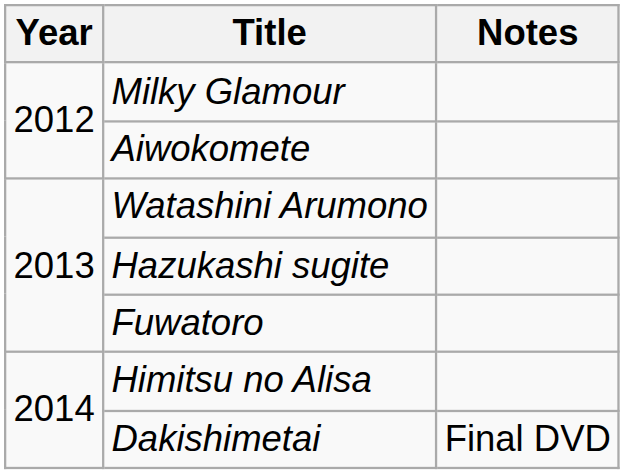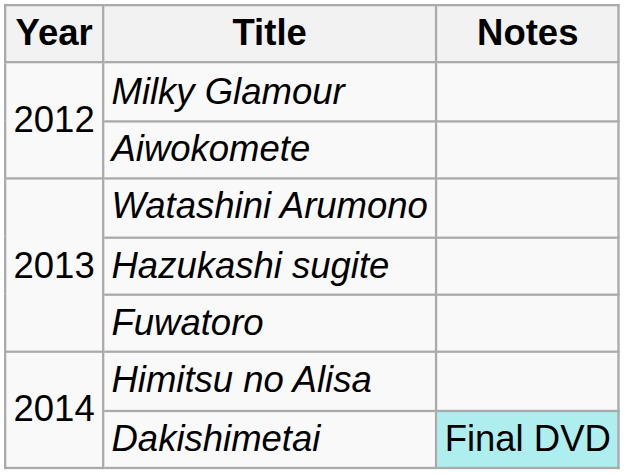 <table class="wikitable">
 <tr>
 <th>Year</th>
 <th>Title</th>
 <th>Notes</th>
 </tr>
 <tr>
 <td rowspan="2">2012</td>
 <td><em>Milky Glamour</em></td>
 <td></td>
 </tr>
 <tr>
 <td><em>Aiwokomete</em></td>
 <td></td>
 </tr>
 <tr>
 <td rowspan="3">2013</td>
 <td><em>Watashini Arumono</em></td>
 <td></td>
 </tr>
 <tr>
 <td><em>Hazukashi sugite</em></td>
 <td></td>
 </tr>
 <tr>
 <td><em>Fuwatoro</em></td>
 <td></td>
 </tr>
 <tr>
 <td rowspan="2">2014</td>
 <td><em>Himitsu no Alisa</em></td>
 <td></td>
 </tr>
 <tr>
 <td><em>Dakishimetai</em></td>
-<td>Final DVD</td>
+<td style="background: paleturquoise;">Final DVD</td>
 </tr>
 </table>
